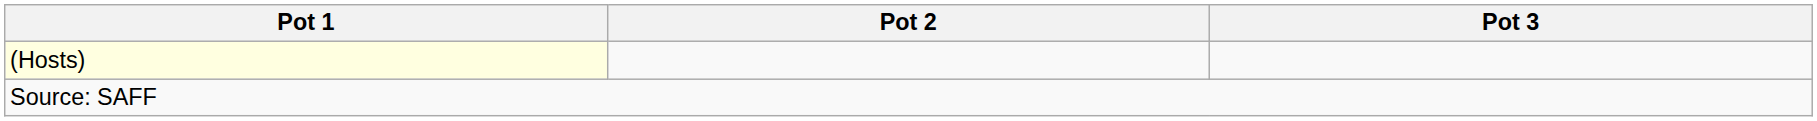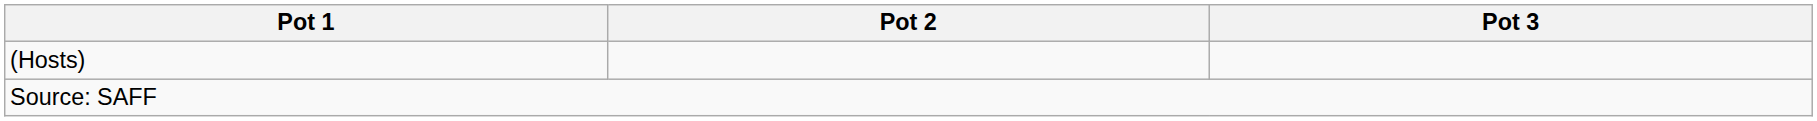 <table class="wikitable" style="width:98%;">
 <tr>
 <th width=20%>Pot 1</th>
 <th width=20%>Pot 2</th>
 <th width=20%>Pot 3</th>
 </tr>
 <tr>
-<td style="background: lightyellow;"> (Hosts)<br></td>
+<td> (Hosts)<br></td>
 <td><br></td>
 <td><br></td>
 </tr>
 <tr>
 <td colspan=4>Source: SAFF</td>
 </tr>
 </table>
